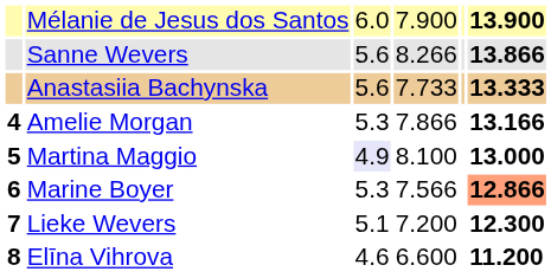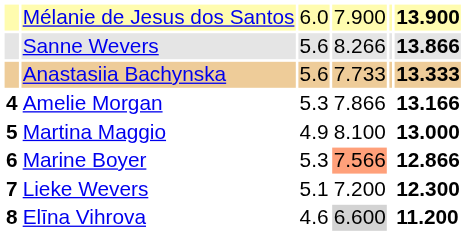 <table>
 <tr style="background:#fffcaf;">
 <th scope=row style="text-align:center"></th>
 <td style="text-align:left;"> <a href='#'>Mélanie de Jesus dos Santos</a></td>
 <td>6.0</td>
 <td>7.900</td>
 <td></td>
 <td><strong>13.900</strong></td>
 </tr>
 <tr style="background:#e5e5e5;">
 <th scope=row style="text-align:center"></th>
 <td style="text-align:left;"> <a href='#'>Sanne Wevers</a></td>
 <td>5.6</td>
 <td>8.266</td>
 <td></td>
 <td><strong>13.866</strong></td>
 </tr>
 <tr style="background:#ec9;">
 <th scope=row style="text-align:center"></th>
 <td style="text-align:left;"> <a href='#'>Anastasiia Bachynska</a></td>
 <td>5.6</td>
 <td>7.733</td>
 <td></td>
 <td><strong>13.333</strong></td>
 </tr>
 <tr>
 <th scope=row style="text-align:center">4</th>
 <td style="text-align:left;"> <a href='#'>Amelie Morgan</a></td>
 <td>5.3</td>
 <td>7.866</td>
 <td></td>
 <td><strong>13.166</strong></td>
 </tr>
 <tr>
 <th scope=row style="text-align:center">5</th>
 <td style="text-align:left;"> <a href='#'>Martina Maggio</a></td>
-<td style="background: lavender;">4.9</td>
+<td>4.9</td>
 <td>8.100</td>
 <td></td>
 <td><strong>13.000</strong></td>
 </tr>
 <tr>
 <th scope=row style="text-align:center">6</th>
 <td style="text-align:left;"> <a href='#'>Marine Boyer</a></td>
 <td>5.3</td>
-<td>7.566</td>
+<td style="background: lightsalmon;">7.566</td>
 <td></td>
-<td style="background: lightsalmon;"><strong>12.866</strong></td>
+<td><strong>12.866</strong></td>
 </tr>
 <tr>
 <th scope=row style="text-align:center">7</th>
 <td style="text-align:left;"> <a href='#'>Lieke Wevers</a></td>
 <td>5.1</td>
 <td>7.200</td>
 <td></td>
 <td><strong>12.300</strong></td>
 </tr>
 <tr>
 <th scope=row style="text-align:center">8</th>
 <td style="text-align:left;"> <a href='#'>Elīna Vihrova</a></td>
 <td>4.6</td>
-<td>6.600</td>
+<td style="background: lightgrey;">6.600</td>
 <td></td>
 <td><strong>11.200</strong></td>
 </tr>
 </table>
